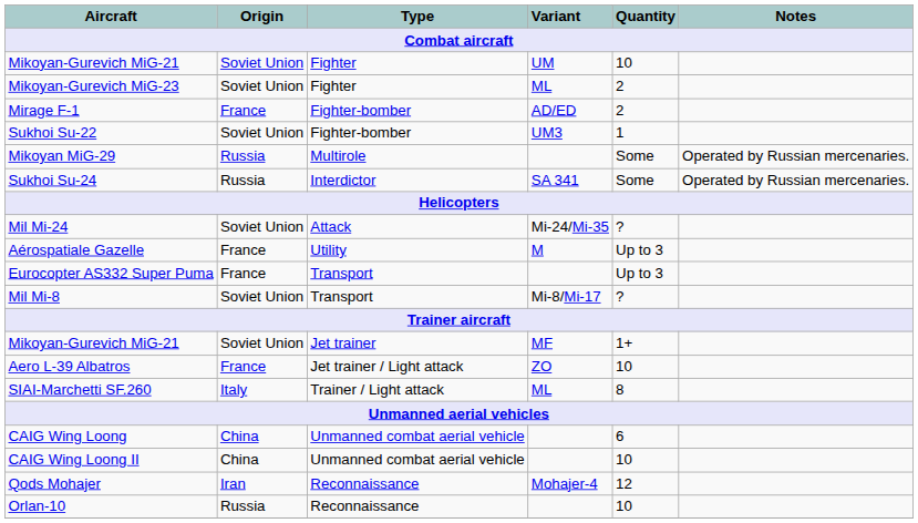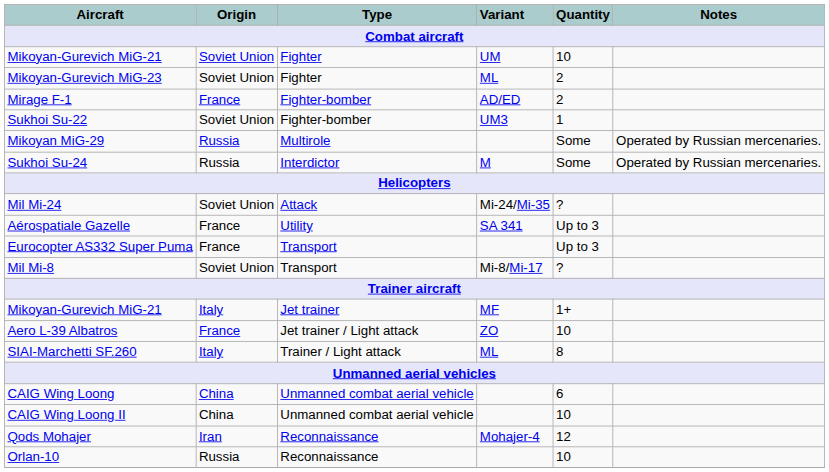 <table class="wikitable">
 <tr>
 <th style="text-align:center; background:#acc;">Aircraft</th>
 <th style="text-align: center; background:#acc;">Origin</th>
 <th style="text-align:l center; background:#acc;">Type</th>
 <th style="text-align:left; background:#acc;">Variant</th>
 <th style="text-align:center; background:#acc;">Quantity</th>
 <th style="text-align: center; background:#acc;">Notes</th>
 </tr>
 <tr>
 <th style="align: center; background: lavender;" colspan="7"><a href='#'>Combat aircraft</a></th>
 </tr>
 <tr>
 <td><a href='#'>Mikoyan-Gurevich MiG-21</a></td>
 <td><a href='#'>Soviet Union</a></td>
 <td><a href='#'>Fighter</a></td>
 <td><a href='#'>UM</a></td>
 <td>10</td>
 <td></td>
 </tr>
 <tr>
 <td><a href='#'>Mikoyan-Gurevich MiG-23</a></td>
 <td>Soviet Union</td>
 <td>Fighter</td>
 <td><a href='#'>ML</a></td>
 <td>2</td>
 <td></td>
 </tr>
 <tr>
 <td><a href='#'>Mirage F-1</a></td>
 <td><a href='#'>France</a></td>
 <td><a href='#'>Fighter-bomber</a></td>
 <td><a href='#'>AD/ED</a></td>
 <td>2</td>
 <td></td>
 </tr>
 <tr>
 <td><a href='#'>Sukhoi Su-22</a></td>
 <td>Soviet Union</td>
 <td>Fighter-bomber</td>
 <td><a href='#'>UM3</a></td>
 <td>1</td>
 <td></td>
 </tr>
 <tr>
 <td><a href='#'>Mikoyan MiG-29</a></td>
 <td><a href='#'>Russia</a></td>
 <td><a href='#'>Multirole</a></td>
 <td></td>
 <td>Some</td>
 <td>Operated by Russian mercenaries.</td>
 </tr>
 <tr>
 <td><a href='#'>Sukhoi Su-24</a></td>
 <td>Russia</td>
 <td><a href='#'>Interdictor</a></td>
-<td><a href='#'>SA 341</a></td>
+<td><a href='#'>M</a></td>
 <td>Some</td>
 <td>Operated by Russian mercenaries.</td>
 </tr>
 <tr>
 <th style="align: center; background: lavender;" colspan="7"><a href='#'>Helicopters</a></th>
 </tr>
 <tr>
 <td><a href='#'>Mil Mi-24</a></td>
 <td>Soviet Union</td>
 <td><a href='#'>Attack</a></td>
 <td>Mi-24/<a href='#'>Mi-35</a></td>
 <td>?</td>
 <td></td>
 </tr>
 <tr>
 <td><a href='#'>Aérospatiale Gazelle</a></td>
 <td>France</td>
 <td><a href='#'>Utility</a></td>
-<td><a href='#'>M</a></td>
+<td><a href='#'>SA 341</a></td>
 <td>Up to 3</td>
 <td></td>
 </tr>
 <tr>
 <td><a href='#'>Eurocopter AS332 Super Puma</a></td>
 <td>France</td>
 <td><a href='#'>Transport</a></td>
 <td></td>
 <td>Up to 3</td>
 <td></td>
 </tr>
 <tr>
 <td><a href='#'>Mil Mi-8</a></td>
 <td>Soviet Union</td>
 <td>Transport</td>
 <td>Mi-8/<a href='#'>Mi-17</a></td>
 <td>?</td>
 <td></td>
 </tr>
 <tr>
 <th style="align: center; background: lavender;" colspan="7"><a href='#'>Trainer aircraft</a></th>
 </tr>
 <tr>
 <td><a href='#'>Mikoyan-Gurevich MiG-21</a></td>
-<td>Soviet Union</td>
+<td><a href='#'>Italy</a></td>
 <td><a href='#'>Jet trainer</a></td>
 <td><a href='#'>MF</a></td>
 <td>1+</td>
 <td></td>
 </tr>
 <tr>
 <td><a href='#'>Aero L-39 Albatros</a></td>
 <td><a href='#'>France</a></td>
 <td>Jet trainer / Light attack</td>
 <td><a href='#'>ZO</a></td>
 <td>10</td>
 <td></td>
 </tr>
 <tr>
 <td><a href='#'>SIAI-Marchetti SF.260</a></td>
 <td><a href='#'>Italy</a></td>
 <td>Trainer / Light attack</td>
 <td><a href='#'>ML</a></td>
 <td>8</td>
 <td></td>
 </tr>
 <tr>
 <th style="align: center; background: lavender;" colspan="7"><a href='#'>Unmanned aerial vehicles</a></th>
 </tr>
 <tr>
 <td><a href='#'>CAIG Wing Loong</a></td>
 <td><a href='#'>China</a></td>
 <td><a href='#'>Unmanned combat aerial vehicle</a></td>
 <td></td>
 <td>6</td>
 <td></td>
 </tr>
 <tr>
 <td><a href='#'>CAIG Wing Loong II</a></td>
 <td>China</td>
 <td>Unmanned combat aerial vehicle</td>
 <td></td>
 <td>10</td>
 <td></td>
 </tr>
 <tr>
 <td><a href='#'>Qods Mohajer</a></td>
 <td><a href='#'>Iran</a></td>
 <td><a href='#'>Reconnaissance</a></td>
 <td><a href='#'>Mohajer-4</a></td>
 <td>12</td>
 <td></td>
 </tr>
 <tr>
 <td><a href='#'>Orlan-10</a></td>
 <td>Russia</td>
 <td>Reconnaissance</td>
 <td></td>
 <td>10</td>
 <td></td>
 </tr>
 <tr>
 </tr>
 </table>
